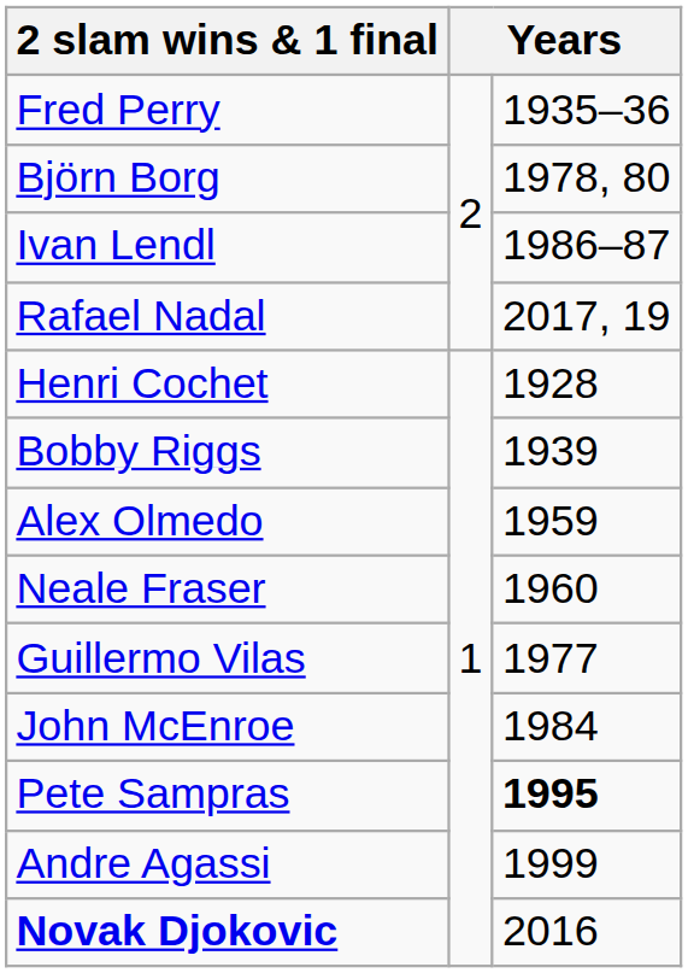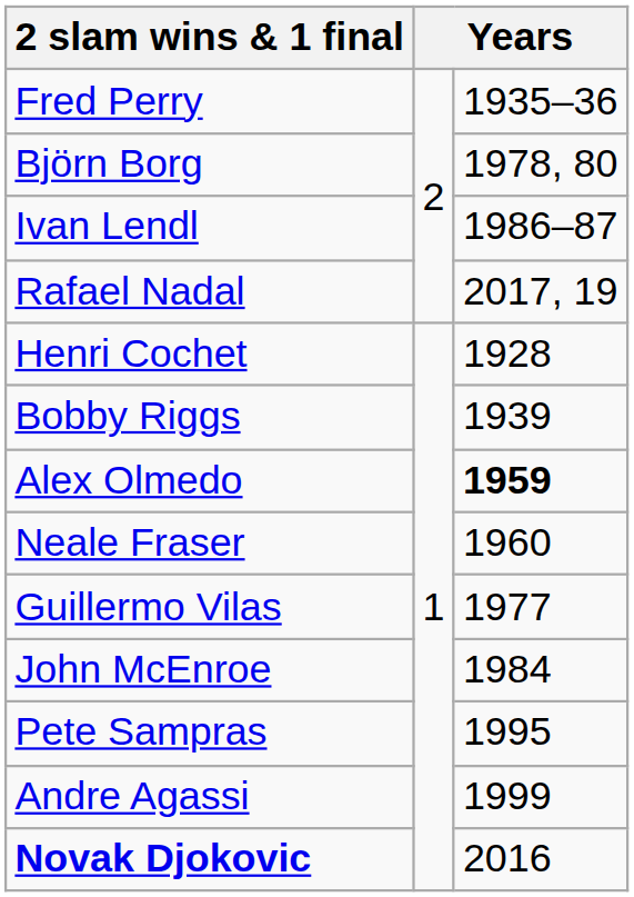 <table class=wikitable style="display:inline-table;">
 <tr>
 <th>2 slam wins & 1 final</th>
 <th colspan=2>Years</th>
 </tr>
 <tr>
 <td> <a href='#'>Fred Perry</a></td>
 <td rowspan=4>2</td>
 <td>1935–36</td>
 </tr>
 <tr>
 <td> <a href='#'>Björn Borg</a></td>
 <td>1978, 80</td>
 </tr>
 <tr>
 <td> <a href='#'>Ivan Lendl</a></td>
 <td>1986–87</td>
 </tr>
 <tr>
 <td> <a href='#'>Rafael Nadal</a></td>
 <td>2017, 19</td>
 </tr>
 <tr>
 <td> <a href='#'>Henri Cochet</a></td>
 <td rowspan=9>1</td>
 <td>1928</td>
 </tr>
 <tr>
 <td> <a href='#'>Bobby Riggs</a></td>
 <td>1939</td>
 </tr>
 <tr>
 <td> <a href='#'>Alex Olmedo</a></td>
-<td>1959</td>
+<td><strong>1959</strong></td>
 </tr>
 <tr>
 <td> <a href='#'>Neale Fraser</a></td>
 <td>1960</td>
 </tr>
 <tr>
 <td> <a href='#'>Guillermo Vilas</a></td>
 <td>1977</td>
 </tr>
 <tr>
 <td> <a href='#'>John McEnroe</a></td>
 <td>1984</td>
 </tr>
 <tr>
 <td> <a href='#'>Pete Sampras</a></td>
-<td><strong>1995</strong></td>
+<td>1995</td>
 </tr>
 <tr>
 <td> <a href='#'>Andre Agassi</a></td>
 <td>1999</td>
 </tr>
 <tr>
 <td> <strong><a href='#'>Novak Djokovic</a></strong></td>
 <td>2016</td>
 </tr>
 </table>
